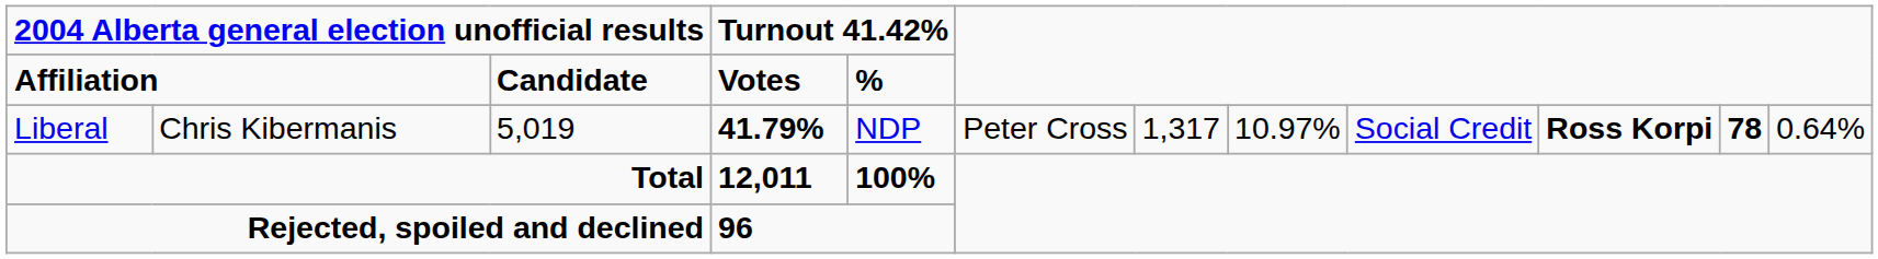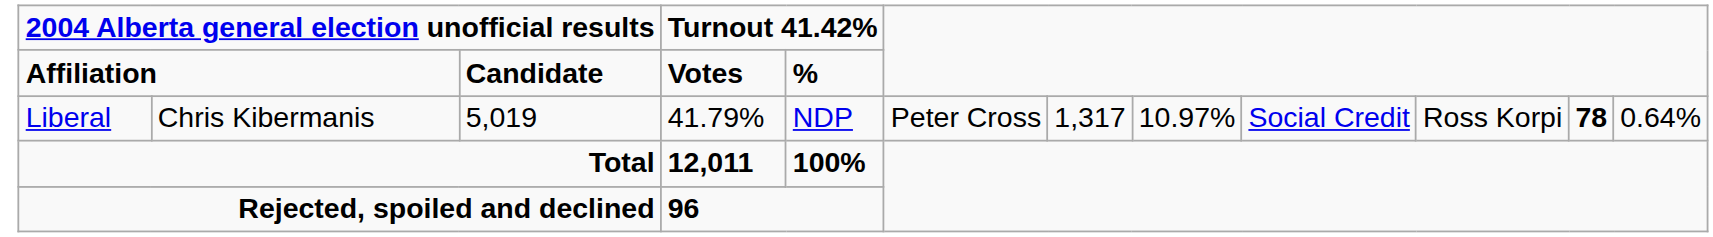 <table class="wikitable" align=right>
 <tr>
 <td colspan="3" align=center><strong><a href='#'>2004 Alberta general election</a> unofficial results</strong></td>
 <td colspan="2"><strong>Turnout 41.42%</strong></td>
 </tr>
 <tr>
 <td colspan="2"><strong>Affiliation</strong></td>
 <td><strong>Candidate</strong></td>
 <td><strong>Votes</strong></td>
 <td><strong>%</strong></td>
 </tr>
 <tr>
 <td><a href='#'>Liberal</a></td>
 <td>Chris Kibermanis</td>
 <td>5,019</td>
-<td><strong>41.79%<br> </strong></td>
+<td>41.79%<br> </td>
 <td><a href='#'>NDP</a></td>
 <td>Peter Cross</td>
 <td>1,317</td>
 <td>10.97%<br> </td>
 <td><a href='#'>Social Credit</a></td>
-<td><strong>Ross Korpi</strong></td>
+<td>Ross Korpi</td>
 <td><strong>78</strong></td>
 <td>0.64%</td>
 </tr>
 <tr>
 <td colspan="3" align="right"><strong>Total</strong></td>
 <td><strong>12,011</strong></td>
 <td><strong>100%</strong></td>
 </tr>
 <tr>
 <td colspan="3" align="right"><strong>Rejected, spoiled and declined</strong></td>
 <td colspan="2"><strong>96</strong></td>
 </tr>
 </table>
